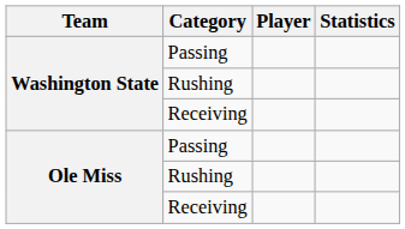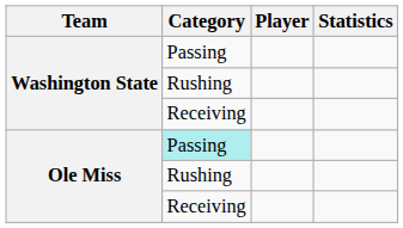 <table class="wikitable" style="float:right">
 <tr>
 <th>Team</th>
 <th>Category</th>
 <th>Player</th>
 <th>Statistics</th>
 </tr>
 <tr>
 <th rowspan=3>Washington State</th>
 <td>Passing</td>
 <td></td>
 <td></td>
 </tr>
 <tr>
 <td>Rushing</td>
 <td></td>
 <td></td>
 </tr>
 <tr>
 <td>Receiving</td>
 <td></td>
 <td></td>
 </tr>
 <tr>
 <th rowspan=3>Ole Miss</th>
-<td>Passing</td>
+<td style="background: paleturquoise;">Passing</td>
 <td></td>
 <td></td>
 </tr>
 <tr>
 <td>Rushing</td>
 <td></td>
 <td></td>
 </tr>
 <tr>
 <td>Receiving</td>
 <td></td>
 <td></td>
 </tr>
 </table>
